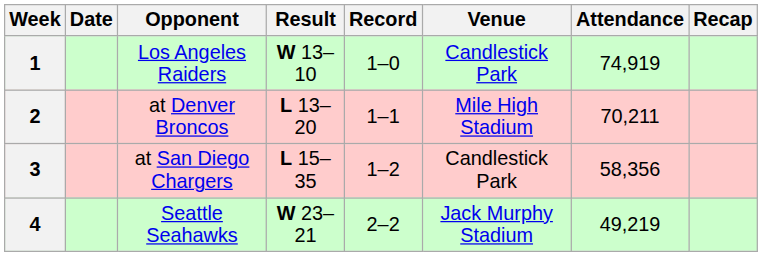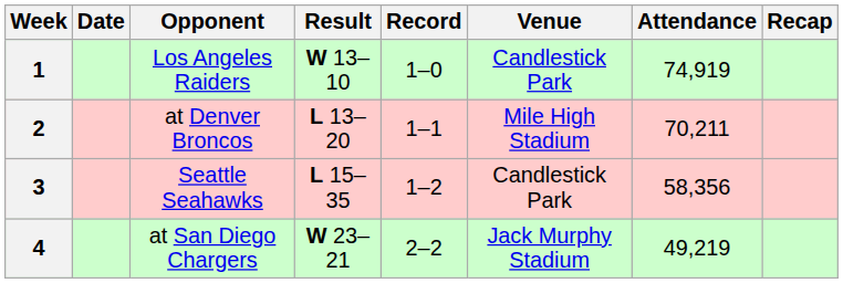 <table class="wikitable" style="text-align:center">
 <tr>
 <th>Week</th>
 <th>Date</th>
 <th>Opponent</th>
 <th>Result</th>
 <th>Record</th>
 <th>Venue</th>
 <th>Attendance</th>
 <th>Recap</th>
 </tr>
 <tr style="background:#cfc">
 <th>1</th>
 <td></td>
 <td><a href='#'>Los Angeles Raiders</a></td>
 <td><strong>W</strong> 13–10</td>
 <td>1–0</td>
 <td><a href='#'>Candlestick Park</a></td>
 <td>74,919</td>
 <td></td>
 </tr>
 <tr style="background:#fcc">
 <th>2</th>
 <td></td>
 <td>at <a href='#'>Denver Broncos</a></td>
 <td><strong>L</strong> 13–20</td>
 <td>1–1</td>
 <td><a href='#'>Mile High Stadium</a></td>
 <td>70,211</td>
 <td></td>
 </tr>
 <tr style="background:#fcc">
 <th>3</th>
 <td></td>
-<td>at <a href='#'>San Diego Chargers</a></td>
+<td><a href='#'>Seattle Seahawks</a></td>
 <td><strong>L</strong> 15–35</td>
 <td>1–2</td>
 <td>Candlestick Park</td>
 <td>58,356</td>
 <td></td>
 </tr>
 <tr style="background:#cfc">
 <th>4</th>
 <td></td>
-<td><a href='#'>Seattle Seahawks</a></td>
+<td>at <a href='#'>San Diego Chargers</a></td>
 <td><strong>W</strong> 23–21</td>
 <td>2–2</td>
 <td><a href='#'>Jack Murphy Stadium</a></td>
 <td>49,219</td>
 <td></td>
 </tr>
 </table>
